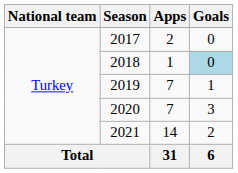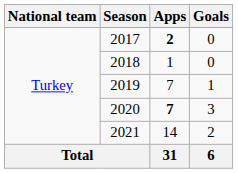 <table class="wikitable" style="text-align: center;">
 <tr>
 <th>National team</th>
 <th>Season</th>
 <th>Apps</th>
 <th>Goals</th>
 </tr>
 <tr>
 <td rowspan="6" valign="center"><a href='#'>Turkey</a></td>
 </tr>
 <tr>
 <td>2017</td>
-<td>2</td>
+<td><strong>2</strong></td>
 <td>0</td>
 </tr>
 <tr>
 <td>2018</td>
 <td>1</td>
-<td style="background: lightblue;">0</td>
+<td>0</td>
 </tr>
 <tr>
 <td>2019</td>
 <td>7</td>
 <td>1</td>
 </tr>
 <tr>
 <td>2020</td>
-<td>7</td>
+<td><strong>7</strong></td>
 <td>3</td>
 </tr>
 <tr>
 <td>2021</td>
 <td>14</td>
 <td>2</td>
 </tr>
 <tr>
 <th colspan="2">Total</th>
 <th>31</th>
 <th>6</th>
 </tr>
 </table>
